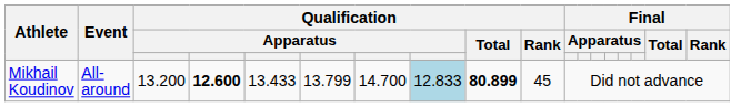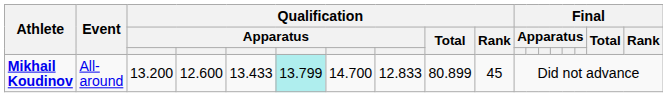 <table class="wikitable" style="font-size:90%">
 <tr>
 <th rowspan=3>Athlete</th>
 <th rowspan=3>Event</th>
 <th colspan =8>Qualification</th>
 <th colspan =8>Final</th>
 </tr>
 <tr style="font-size:95%">
 <th colspan=6>Apparatus</th>
 <th rowspan=2>Total</th>
 <th rowspan=2>Rank</th>
 <th colspan=6>Apparatus</th>
 <th rowspan=2>Total</th>
 <th rowspan=2>Rank</th>
 </tr>
 <tr style="font-size:95%">
 <th></th>
 <th></th>
 <th></th>
 <th></th>
 <th></th>
 <th></th>
 <th></th>
 <th></th>
 <th></th>
 <th></th>
 <th></th>
 <th></th>
 </tr>
 <tr align=center>
-<td align=left><a href='#'>Mikhail Koudinov</a></td>
+<td align=left><strong><a href='#'>Mikhail Koudinov</a></strong></td>
 <td align=left><a href='#'>All-around</a></td>
 <td>13.200</td>
-<td><strong>12.600</strong></td>
+<td>12.600</td>
 <td>13.433</td>
-<td>13.799</td>
+<td style="background: paleturquoise;">13.799</td>
 <td>14.700</td>
-<td style="background: lightblue;">12.833</td>
-<td><strong>80.899</strong></td>
+<td>12.833</td>
+<td>80.899</td>
 <td>45</td>
 <td colspan=8>Did not advance</td>
 </tr>
 </table>
